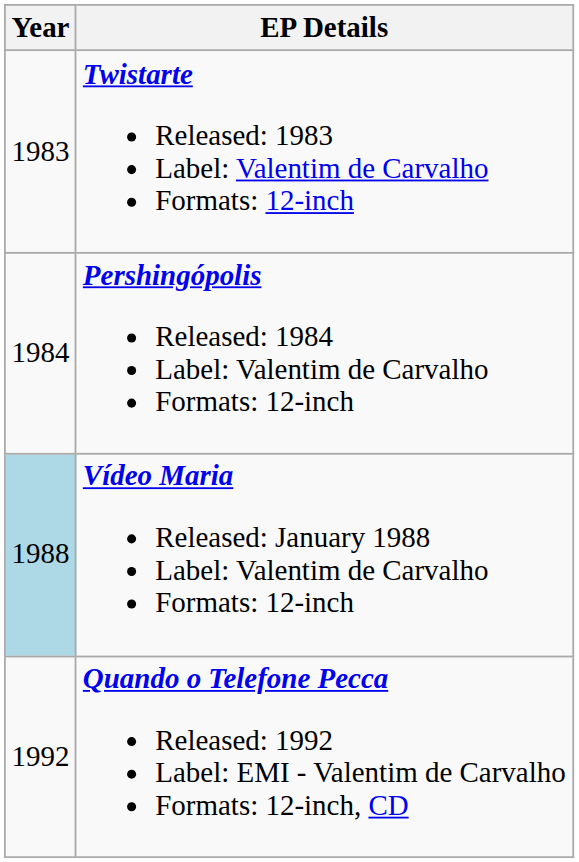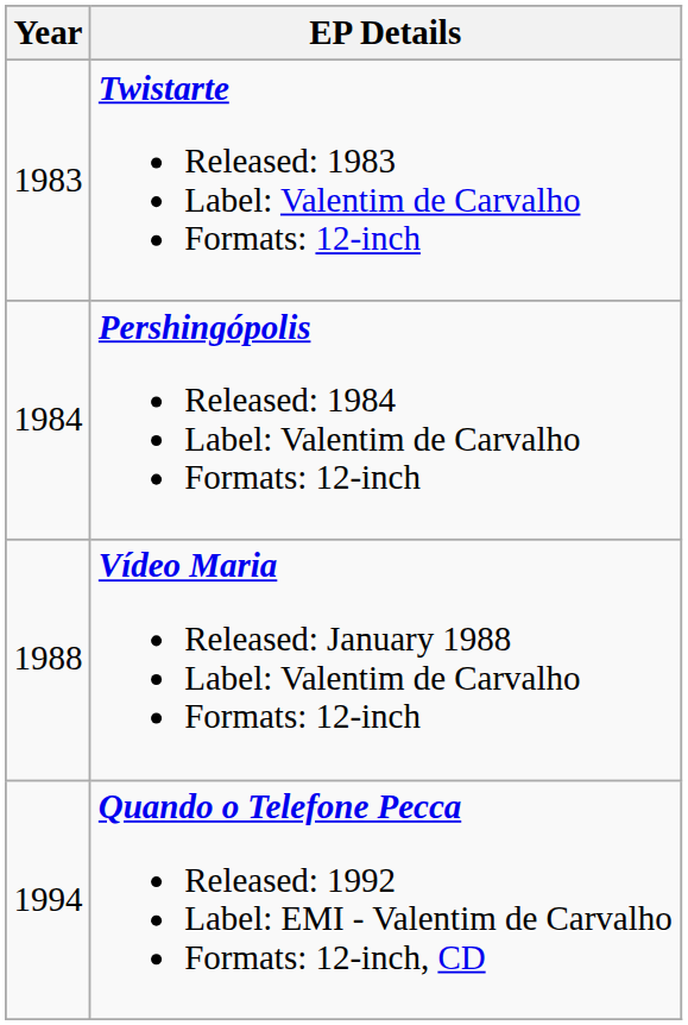 <table class="wikitable">
 <tr>
 <th>Year</th>
 <th>EP Details</th>
 </tr>
 <tr>
 <td>1983</td>
 <td><strong><em><a href='#'>Twistarte</a></em></strong><br><ul><li>Released: 1983</li><li>Label: <a href='#'>Valentim de Carvalho</a></li><li>Formats: <a href='#'>12-inch</a></li></ul></td>
 </tr>
 <tr>
 <td>1984</td>
 <td><strong><em><a href='#'>Pershingópolis</a></em></strong><br><ul><li>Released: 1984</li><li>Label: Valentim de Carvalho</li><li>Formats: 12-inch</li></ul></td>
 </tr>
 <tr>
-<td style="background: lightblue;">1988</td>
+<td>1988</td>
 <td><strong><em><a href='#'>Vídeo Maria</a></em></strong><br><ul><li>Released: January 1988</li><li>Label: Valentim de Carvalho</li><li>Formats: 12-inch</li></ul></td>
 </tr>
 <tr>
-<td>1992</td>
+<td>1994</td>
 <td><strong><em><a href='#'>Quando o Telefone Pecca</a></em></strong><br><ul><li>Released: 1992</li><li>Label: EMI - Valentim de Carvalho</li><li>Formats: 12-inch, <a href='#'>CD</a></li></ul></td>
 </tr>
 <tr>
 </tr>
 </table>
